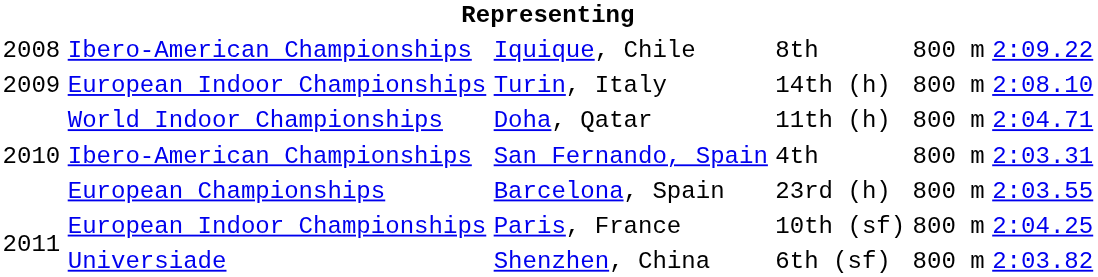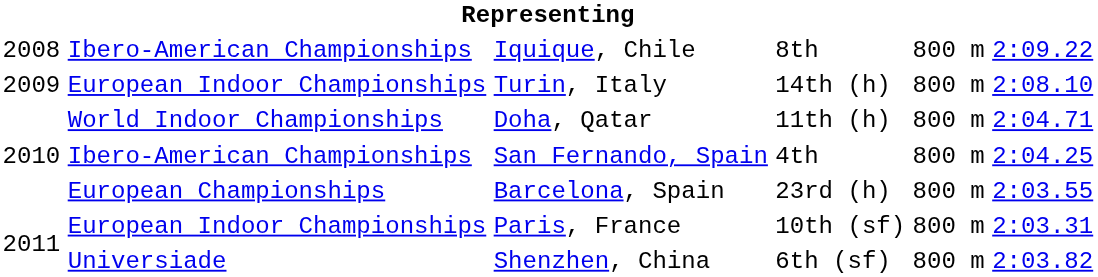 <table>
 <tr>
 <th colspan="6">Representing </th>
 </tr>
 <tr>
 <td>2008</td>
 <td><a href='#'>Ibero-American Championships</a></td>
 <td><a href='#'>Iquique</a>, Chile</td>
 <td>8th</td>
 <td>800 m</td>
 <td><a href='#'>2:09.22</a></td>
 </tr>
 <tr>
 <td>2009</td>
 <td><a href='#'>European Indoor Championships</a></td>
 <td><a href='#'>Turin</a>, Italy</td>
 <td>14th (h)</td>
 <td>800 m</td>
 <td><a href='#'>2:08.10</a></td>
 </tr>
 <tr>
 <td rowspan=3>2010</td>
 <td><a href='#'>World Indoor Championships</a></td>
 <td><a href='#'>Doha</a>, Qatar</td>
 <td>11th (h)</td>
 <td>800 m</td>
 <td><a href='#'>2:04.71</a></td>
 </tr>
 <tr>
 <td><a href='#'>Ibero-American Championships</a></td>
 <td><a href='#'>San Fernando, Spain</a></td>
 <td>4th</td>
 <td>800 m</td>
-<td><a href='#'>2:03.31</a></td>
+<td><a href='#'>2:04.25</a></td>
 </tr>
 <tr>
 <td><a href='#'>European Championships</a></td>
 <td><a href='#'>Barcelona</a>, Spain</td>
 <td>23rd (h)</td>
 <td>800 m</td>
 <td><a href='#'>2:03.55</a></td>
 </tr>
 <tr>
 <td rowspan=2>2011</td>
 <td><a href='#'>European Indoor Championships</a></td>
 <td><a href='#'>Paris</a>, France</td>
 <td>10th (sf)</td>
 <td>800 m</td>
-<td><a href='#'>2:04.25</a></td>
+<td><a href='#'>2:03.31</a></td>
 </tr>
 <tr>
 <td><a href='#'>Universiade</a></td>
 <td><a href='#'>Shenzhen</a>, China</td>
 <td>6th (sf)</td>
 <td>800 m</td>
 <td><a href='#'>2:03.82</a></td>
 </tr>
 </table>
